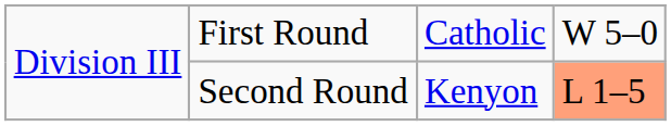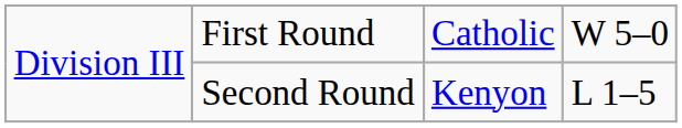 <table class="wikitable">
 <tr>
 <td rowspan="5"><a href='#'>Division III</a></td>
 <td>First Round</td>
 <td><a href='#'>Catholic</a></td>
 <td>W 5–0</td>
 </tr>
 <tr>
 <td>Second Round</td>
 <td><a href='#'>Kenyon</a></td>
-<td style="background: lightsalmon;">L 1–5</td>
+<td>L 1–5</td>
 </tr>
 </table>
